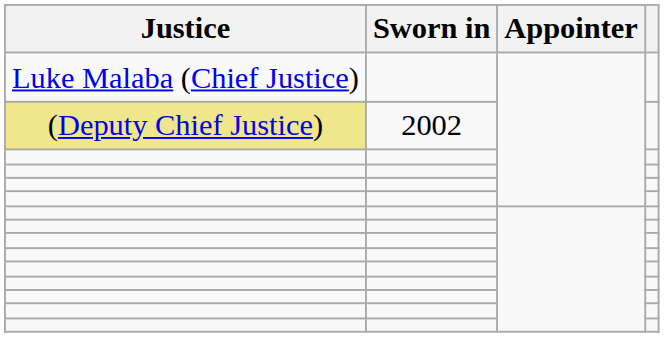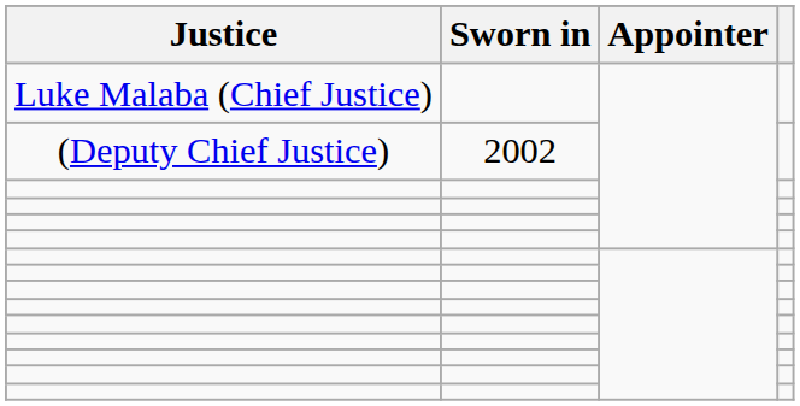 <table class="wikitable sortable" style="text-align:center">
 <tr>
 <th>Justice</th>
 <th>Sworn in</th>
 <th>Appointer</th>
 <th></th>
 </tr>
 <tr>
 <td><a href='#'>Luke Malaba</a> (<a href='#'>Chief Justice</a>)</td>
 <td data-sort-value="1875"></td>
 <td rowspan="6" data-sort-value="1876"></td>
 <td></td>
 </tr>
 <tr>
-<td style="background: khaki;"> (<a href='#'>Deputy Chief Justice</a>)</td>
+<td> (<a href='#'>Deputy Chief Justice</a>)</td>
 <td>2002</td>
 <td></td>
 </tr>
 <tr>
 <td></td>
 <td></td>
 <td></td>
 </tr>
 <tr>
 <td></td>
 <td></td>
 <td></td>
 </tr>
 <tr>
 <td></td>
 <td></td>
 <td></td>
 </tr>
 <tr>
 <td></td>
 <td></td>
 <td></td>
 </tr>
 <tr>
 <td></td>
 <td></td>
 <td rowspan="9"></td>
 <td></td>
 </tr>
 <tr>
 <td></td>
 <td></td>
 <td></td>
 </tr>
 <tr>
 <td></td>
 <td></td>
 <td></td>
 </tr>
 <tr>
 <td></td>
 <td></td>
 <td></td>
 </tr>
 <tr>
 <td></td>
 <td></td>
 <td></td>
 </tr>
 <tr>
 <td></td>
 <td></td>
 <td></td>
 </tr>
 <tr>
 <td></td>
 <td></td>
 <td></td>
 </tr>
 <tr>
 <td></td>
 <td></td>
 <td></td>
 </tr>
 <tr>
 <td></td>
 <td></td>
 <td></td>
 </tr>
 </table>
